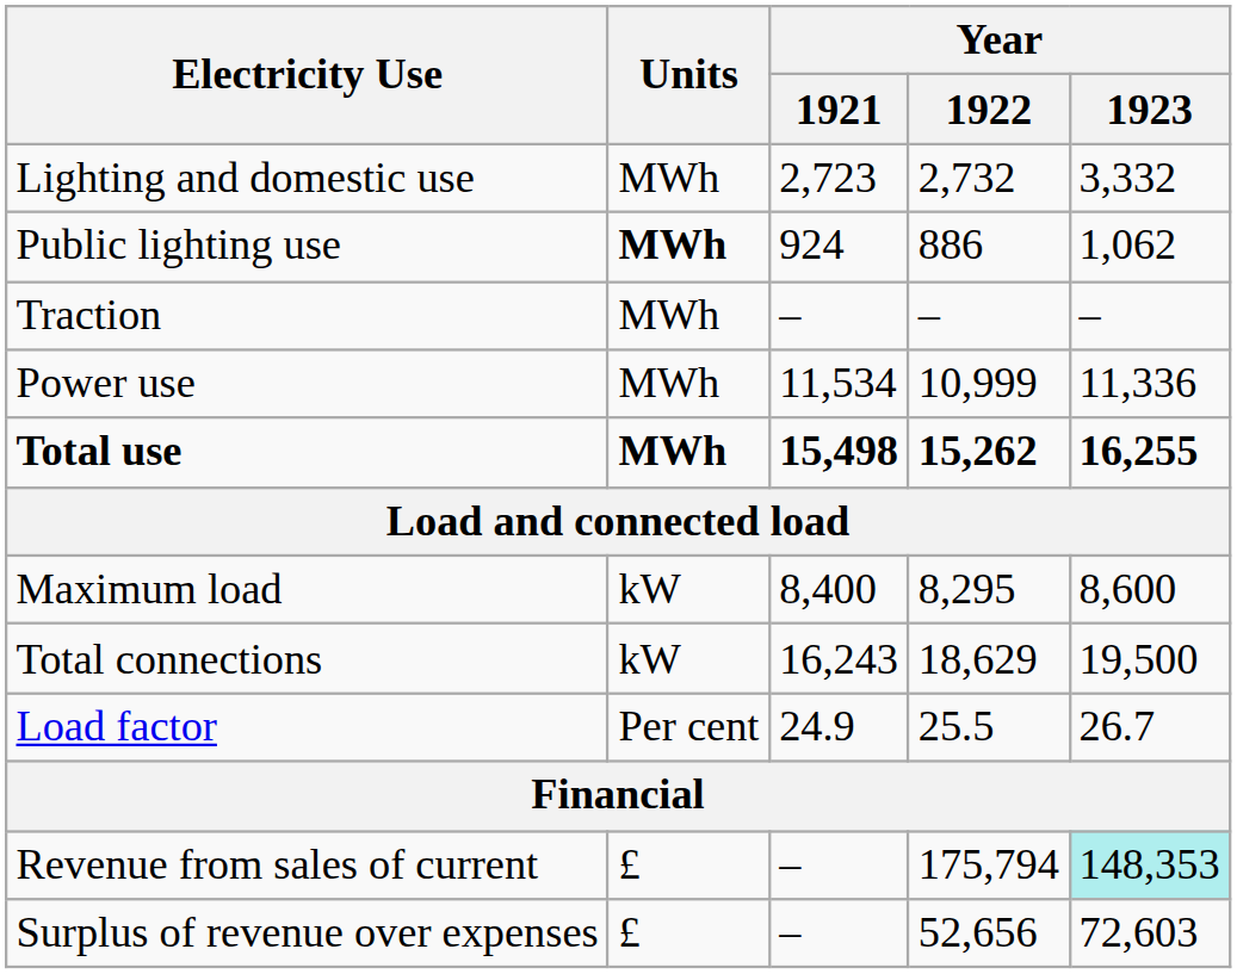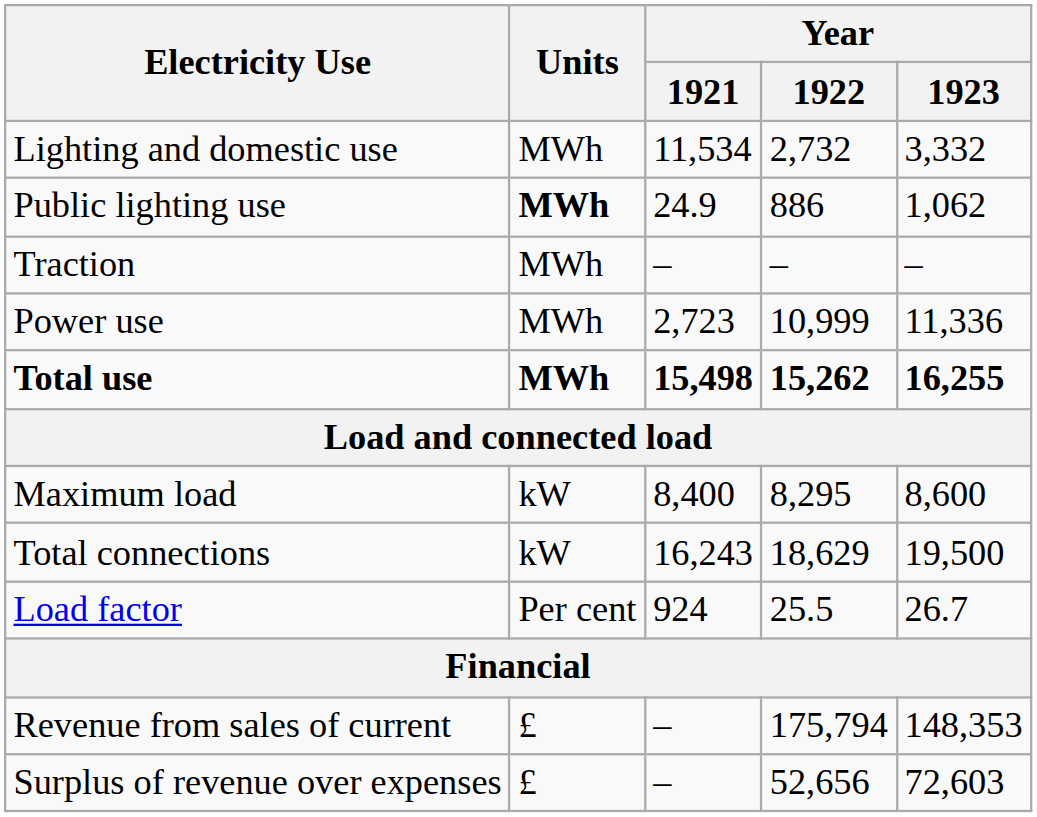 <table class="wikitable">
 <tr>
 <th rowspan="2">Electricity  Use</th>
 <th rowspan="2">Units</th>
 <th colspan="3">Year</th>
 </tr>
 <tr>
 <th>1921</th>
 <th>1922</th>
 <th>1923</th>
 </tr>
 <tr>
 <td>Lighting and domestic use</td>
 <td>MWh</td>
-<td>2,723</td>
+<td>11,534</td>
 <td>2,732</td>
 <td>3,332</td>
 </tr>
 <tr>
 <td>Public lighting use</td>
 <td><strong>MWh</strong></td>
-<td>924</td>
+<td>24.9</td>
 <td>886</td>
 <td>1,062</td>
 </tr>
 <tr>
 <td>Traction</td>
 <td>MWh</td>
 <td>–</td>
 <td>–</td>
 <td>–</td>
 </tr>
 <tr>
 <td>Power use</td>
 <td>MWh</td>
-<td>11,534</td>
+<td>2,723</td>
 <td>10,999</td>
 <td>11,336</td>
 </tr>
 <tr>
 <td><strong>Total use</strong></td>
 <td><strong>MWh</strong></td>
 <td><strong>15,498</strong></td>
 <td><strong>15,262</strong></td>
 <td><strong>16,255</strong></td>
 </tr>
 <tr>
 <th colspan="5">Load  and connected load</th>
 </tr>
 <tr>
 <td>Maximum  load</td>
 <td>kW</td>
 <td>8,400</td>
 <td>8,295</td>
 <td>8,600</td>
 </tr>
 <tr>
 <td>Total connections</td>
 <td>kW</td>
 <td>16,243</td>
 <td>18,629</td>
 <td>19,500</td>
 </tr>
 <tr>
 <td><a href='#'>Load factor</a></td>
 <td>Per  cent</td>
-<td>24.9</td>
+<td>924</td>
 <td>25.5</td>
 <td>26.7</td>
 </tr>
 <tr>
 <th colspan="5">Financial</th>
 </tr>
 <tr>
 <td>Revenue from sales of current</td>
 <td>£</td>
 <td>–</td>
 <td>175,794</td>
-<td style="background: paleturquoise;">148,353</td>
+<td>148,353</td>
 </tr>
 <tr>
 <td>Surplus of revenue over expenses</td>
 <td>£</td>
 <td>–</td>
 <td>52,656</td>
 <td>72,603</td>
 </tr>
 </table>
